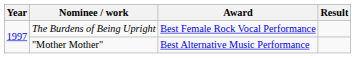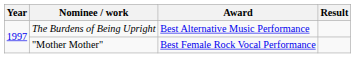 <table class="wikitable">
 <tr>
 <th>Year</th>
 <th>Nominee / work</th>
 <th>Award</th>
 <th>Result</th>
 </tr>
 <tr>
 <td rowspan="2"><a href='#'>1997</a></td>
 <td><em>The Burdens of Being Upright</em></td>
-<td><a href='#'>Best Female Rock Vocal Performance</a></td>
+<td><a href='#'>Best Alternative Music Performance</a></td>
 <td></td>
 </tr>
 <tr>
 <td>"Mother Mother"</td>
-<td><a href='#'>Best Alternative Music Performance</a></td>
+<td><a href='#'>Best Female Rock Vocal Performance</a></td>
 <td></td>
 </tr>
 </table>
